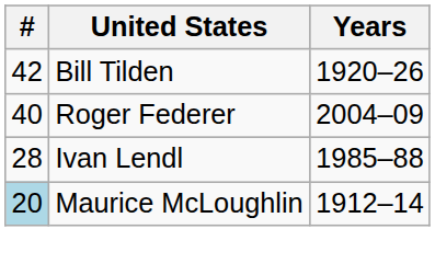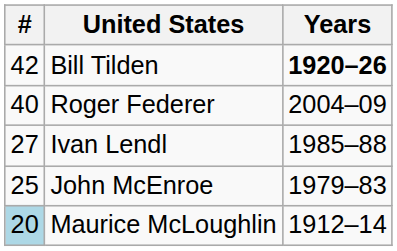 <table class=wikitable style="display:inline-table;">
 <tr>
 <th>#</th>
 <th>United States</th>
 <th>Years</th>
 </tr>
 <tr>
 <td>42</td>
 <td> Bill Tilden</td>
-<td>1920–26</td>
+<td><strong>1920–26</strong></td>
 </tr>
 <tr>
 <td>40</td>
 <td> Roger Federer</td>
 <td>2004–09</td>
 </tr>
 <tr>
-<td>28</td>
+<td>27</td>
 <td> Ivan Lendl</td>
 <td>1985–88</td>
+</tr>
+<tr>
+<td>25</td>
+<td> John McEnroe</td>
+<td>1979–83</td>
 </tr>
 <tr>
 <td style="background: lightblue;">20</td>
 <td> Maurice McLoughlin</td>
 <td>1912–14</td>
 </tr>
 </table>
